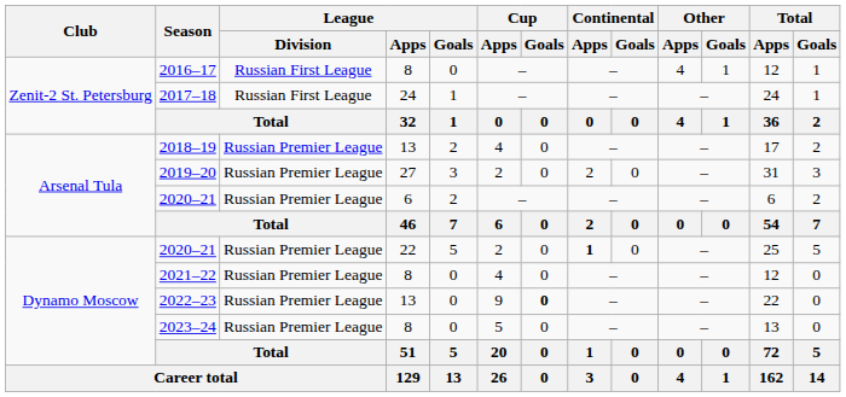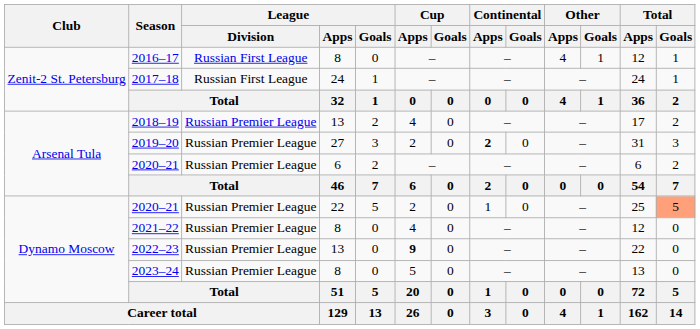 <table class="wikitable" style="text-align: center;">
 <tr>
 <th rowspan=2>Club</th>
 <th rowspan=2>Season</th>
 <th colspan=3>League</th>
 <th colspan=2>Cup</th>
 <th colspan=2>Continental</th>
 <th colspan=2>Other</th>
 <th colspan=2>Total</th>
 </tr>
 <tr>
 <th>Division</th>
 <th>Apps</th>
 <th>Goals</th>
 <th>Apps</th>
 <th>Goals</th>
 <th>Apps</th>
 <th>Goals</th>
 <th>Apps</th>
 <th>Goals</th>
 <th>Apps</th>
 <th>Goals</th>
 </tr>
 <tr>
 <td rowspan=3><a href='#'>Zenit-2 St. Petersburg</a></td>
 <td><a href='#'>2016–17</a></td>
 <td><a href='#'>Russian First League</a></td>
 <td>8</td>
 <td>0</td>
 <td colspan=2>–</td>
 <td colspan=2>–</td>
 <td>4</td>
 <td>1</td>
 <td>12</td>
 <td>1</td>
 </tr>
 <tr>
 <td><a href='#'>2017–18</a></td>
 <td>Russian First League</td>
 <td>24</td>
 <td>1</td>
 <td colspan=2>–</td>
 <td colspan=2>–</td>
 <td colspan=2>–</td>
 <td>24</td>
 <td>1</td>
 </tr>
 <tr>
 <th colspan=2>Total</th>
 <th>32</th>
 <th>1</th>
 <th>0</th>
 <th>0</th>
 <th>0</th>
 <th>0</th>
 <th>4</th>
 <th>1</th>
 <th>36</th>
 <th>2</th>
 </tr>
 <tr>
 <td rowspan=4><a href='#'>Arsenal Tula</a></td>
 <td><a href='#'>2018–19</a></td>
 <td><a href='#'>Russian Premier League</a></td>
 <td>13</td>
 <td>2</td>
 <td>4</td>
 <td>0</td>
 <td colspan=2>–</td>
 <td colspan=2>–</td>
 <td>17</td>
 <td>2</td>
 </tr>
 <tr>
 <td><a href='#'>2019–20</a></td>
 <td>Russian Premier League</td>
 <td>27</td>
 <td>3</td>
 <td>2</td>
 <td>0</td>
-<td>2</td>
+<td><strong>2</strong></td>
 <td>0</td>
 <td colspan=2>–</td>
 <td>31</td>
 <td>3</td>
 </tr>
 <tr>
 <td><a href='#'>2020–21</a></td>
 <td>Russian Premier League</td>
 <td>6</td>
 <td>2</td>
 <td colspan=2>–</td>
 <td colspan=2>–</td>
 <td colspan=2>–</td>
 <td>6</td>
 <td>2</td>
 </tr>
 <tr>
 <th colspan=2>Total</th>
 <th>46</th>
 <th>7</th>
 <th>6</th>
 <th>0</th>
 <th>2</th>
 <th>0</th>
 <th>0</th>
 <th>0</th>
 <th>54</th>
 <th>7</th>
 </tr>
 <tr>
 <td rowspan=5><a href='#'>Dynamo Moscow</a></td>
 <td><a href='#'>2020–21</a></td>
 <td>Russian Premier League</td>
 <td>22</td>
 <td>5</td>
 <td>2</td>
 <td>0</td>
-<td><strong>1</strong></td>
+<td>1</td>
 <td>0</td>
 <td colspan=2>–</td>
 <td>25</td>
-<td>5</td>
+<td style="background: lightsalmon;">5</td>
 </tr>
 <tr>
 <td><a href='#'>2021–22</a></td>
 <td>Russian Premier League</td>
 <td>8</td>
 <td>0</td>
 <td>4</td>
 <td>0</td>
 <td colspan=2>–</td>
 <td colspan=2>–</td>
 <td>12</td>
 <td>0</td>
 </tr>
 <tr>
 <td><a href='#'>2022–23</a></td>
 <td>Russian Premier League</td>
 <td>13</td>
 <td>0</td>
-<td>9</td>
-<td><strong>0</strong></td>
+<td><strong>9</strong></td>
+<td>0</td>
 <td colspan=2>–</td>
 <td colspan=2>–</td>
 <td>22</td>
 <td>0</td>
 </tr>
 <tr>
 <td><a href='#'>2023–24</a></td>
 <td>Russian Premier League</td>
 <td>8</td>
 <td>0</td>
 <td>5</td>
 <td>0</td>
 <td colspan=2>–</td>
 <td colspan=2>–</td>
 <td>13</td>
 <td>0</td>
 </tr>
 <tr>
 <th colspan=2>Total</th>
 <th>51</th>
 <th>5</th>
 <th>20</th>
 <th>0</th>
 <th>1</th>
 <th>0</th>
 <th>0</th>
 <th>0</th>
 <th>72</th>
 <th>5</th>
 </tr>
 <tr>
 <th colspan=3>Career total</th>
 <th>129</th>
 <th>13</th>
 <th>26</th>
 <th>0</th>
 <th>3</th>
 <th>0</th>
 <th>4</th>
 <th>1</th>
 <th>162</th>
 <th>14</th>
 </tr>
 </table>
